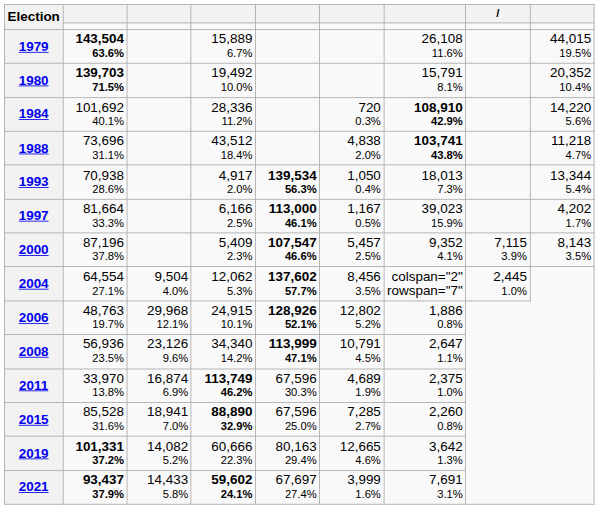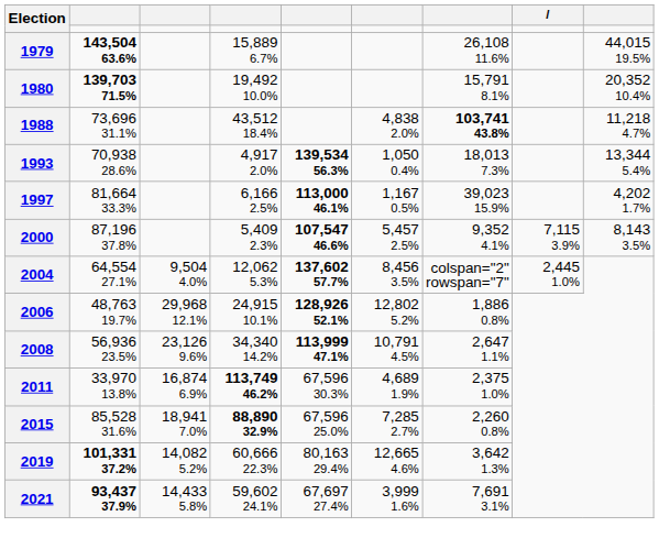 <table class="wikitable" style="text-align:right; line-height:16px">
 <tr>
 <th rowspan="2" width="20">Election</th>
 <th width="70" style="font-size:85%"></th>
 <th width="70" style="font-size:85%"></th>
 <th width="70" style="font-size:85%"></th>
 <th width="70" style="font-size:85%"></th>
 <th width="70" style="font-size:85%"></th>
 <th width="70" style="font-size:85%"></th>
 <th width="70" style="font-size:85%"> /<br></th>
 <th width="70" style="font-size:85%"></th>
 </tr>
 <tr>
 <td></td>
 <td></td>
 <td></td>
 <td></td>
 <td></td>
 <td></td>
 <td></td>
 <td></td>
 </tr>
 <tr>
 <th scope="row"><a href='#'>1979</a></th>
 <td><strong>143,504<br><small>63.6%</small></strong></td>
 <td></td>
 <td>15,889<br><small>6.7%</small></td>
 <td></td>
 <td></td>
 <td>26,108<br><small>11.6%</small></td>
 <td></td>
 <td>44,015<br><small>19.5%</small></td>
 </tr>
 <tr>
 <th scope="row"><a href='#'>1980</a></th>
 <td><strong>139,703<br><small>71.5%</small></strong></td>
 <td></td>
 <td>19,492<br><small>10.0%</small></td>
 <td></td>
 <td></td>
 <td>15,791<br><small>8.1%</small></td>
 <td></td>
 <td>20,352<br><small>10.4%</small></td>
-</tr>
-<tr>
-<th scope="row"><a href='#'>1984</a></th>
-<td>101,692<br><small>40.1%</small></td>
-<td></td>
-<td>28,336<br><small>11.2%</small></td>
-<td></td>
-<td>720<br><small>0.3%</small></td>
-<td><strong>108,910<br><small>42.9%</small></strong></td>
-<td></td>
-<td>14,220<br><small>5.6%</small></td>
 </tr>
 <tr>
 <th scope="row"><a href='#'>1988</a></th>
 <td>73,696<br><small>31.1%</small></td>
 <td></td>
 <td>43,512<br><small>18.4%</small></td>
 <td></td>
 <td>4,838<br><small>2.0%</small></td>
 <td><strong>103,741<br><small>43.8%</small></strong></td>
 <td></td>
 <td>11,218<br><small>4.7%</small></td>
 </tr>
 <tr>
 <th scope="row"><a href='#'>1993</a></th>
 <td>70,938<br><small>28.6%</small></td>
 <td></td>
 <td>4,917<br><small>2.0%</small></td>
 <td><strong>139,534<br><small>56.3%</small></strong></td>
 <td>1,050<br><small>0.4%</small></td>
 <td>18,013<br><small>7.3%</small></td>
 <td></td>
 <td>13,344<br><small>5.4%</small></td>
 </tr>
 <tr>
 <th scope="row"><a href='#'>1997</a></th>
 <td>81,664<br><small>33.3%</small></td>
 <td></td>
 <td>6,166<br><small>2.5%</small></td>
 <td><strong>113,000<br><small>46.1%</small></strong></td>
 <td>1,167<br><small>0.5%</small></td>
 <td>39,023<br><small>15.9%</small></td>
 <td></td>
 <td>4,202<br><small>1.7%</small></td>
 </tr>
 <tr>
 <th scope="row"><a href='#'>2000</a></th>
 <td>87,196<br><small>37.8%</small></td>
 <td></td>
 <td>5,409<br><small>2.3%</small></td>
 <td><strong>107,547<br><small>46.6%</small></strong></td>
 <td>5,457<br><small>2.5%</small></td>
 <td>9,352<br><small>4.1%</small></td>
 <td>7,115<br><small>3.9%</small></td>
 <td>8,143<br><small>3.5%</small></td>
 </tr>
 <tr>
 <th scope="row"><a href='#'>2004</a></th>
 <td>64,554<br><small>27.1%</small></td>
 <td>9,504<br><small>4.0%</small></td>
 <td>12,062<br><small>5.3%</small></td>
 <td><strong>137,602<br><small>57.7%</small></strong></td>
 <td>8,456<br><small>3.5%</small></td>
 <td>colspan="2" rowspan="7" </td>
 <td>2,445<br><small>1.0%</small></td>
 </tr>
 <tr>
 <th scope="row"><a href='#'>2006</a></th>
 <td>48,763<br><small>19.7%</small></td>
 <td>29,968<br><small>12.1%</small></td>
 <td>24,915<br><small>10.1%</small></td>
 <td><strong>128,926<br><small>52.1%</small></strong></td>
 <td>12,802<br><small>5.2%</small></td>
 <td>1,886<br><small>0.8%</small></td>
 </tr>
 <tr>
 <th scope="row"><a href='#'>2008</a></th>
 <td>56,936<br><small>23.5%</small></td>
 <td>23,126<br><small>9.6%</small></td>
 <td>34,340<br><small>14.2%</small></td>
 <td><strong>113,999<br><small>47.1%</small></strong></td>
 <td>10,791<br><small>4.5%</small></td>
 <td>2,647<br><small>1.1%</small></td>
 </tr>
 <tr>
 <th scope="row"><a href='#'>2011</a></th>
 <td>33,970<br><small>13.8%</small></td>
 <td>16,874<br><small>6.9%</small></td>
 <td><strong>113,749<br><small>46.2%</small></strong></td>
 <td>67,596<br><small>30.3%</small></td>
 <td>4,689<br><small>1.9%</small></td>
 <td>2,375<br><small>1.0%</small></td>
 </tr>
 <tr>
 <th scope="row"><a href='#'>2015</a></th>
 <td>85,528<br><small>31.6%</small></td>
 <td>18,941<br><small>7.0%</small></td>
 <td><strong>88,890<br><small>32.9%</small></strong></td>
 <td>67,596<br><small>25.0%</small></td>
 <td>7,285<br><small>2.7%</small></td>
 <td>2,260<br><small>0.8%</small></td>
 </tr>
 <tr>
 <th scope="row"><a href='#'>2019</a></th>
 <td><strong>101,331<br><small>37.2%</small></strong></td>
 <td>14,082<br><small>5.2%</small></td>
 <td>60,666<br><small>22.3%</small></td>
 <td>80,163<br><small>29.4%</small></td>
 <td>12,665<br><small>4.6%</small></td>
 <td>3,642<br><small>1.3%</small></td>
 </tr>
 <tr>
 <th scope="row"><a href='#'>2021</a></th>
 <td><strong>93,437<br><small>37.9%</small></strong></td>
 <td>14,433<br><small>5.8%</small></td>
-<td><strong>59,602<br><small>24.1%</small></strong></td>
+<td>59,602<br><small>24.1%</small></td>
 <td>67,697<br><small>27.4%</small></td>
 <td>3,999<br><small>1.6%</small></td>
 <td>7,691<br><small>3.1%</small></td>
 </tr>
 </table>
